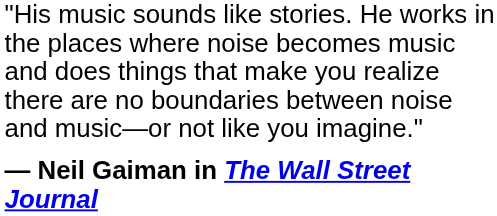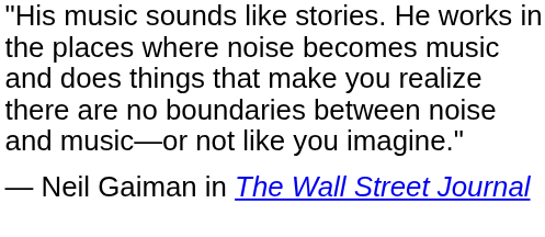 <table class="toccolours" style="float: right; margin-left: 1em; margin-right: 2em; font-size: 85%; background:offwhite; color:black; width:20em; max-width: 40%;" cellspacing="5">
 <tr>
 <td style="text-align: left;">"His music sounds like stories. He works in the places where noise becomes music and does things that make you realize there are no boundaries between noise and music—or not like you imagine."</td>
 </tr>
 <tr>
-<td style="text-align: left;"><strong>— Neil Gaiman in <em><a href='#'>The Wall Street Journal</a></em></strong></td>
+<td style="text-align: left;">— Neil Gaiman in <em><a href='#'>The Wall Street Journal</a></em></td>
 </tr>
 </table>
